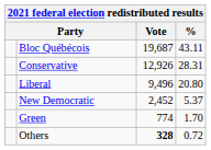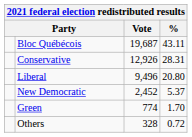 <table class="wikitable">
 <tr>
 <th colspan="4"><a href='#'>2021 federal election</a> redistributed results</th>
 </tr>
 <tr>
 <th bgcolor="#DDDDFF" width="130px" colspan="2">Party</th>
 <th bgcolor="#DDDDFF" width="50px">Vote</th>
 <th bgcolor="#DDDDFF" width="30px">%</th>
 </tr>
 <tr>
 <td> </td>
 <td><a href='#'>Bloc Québécois</a></td>
 <td align=right>19,687</td>
 <td align=right>43.11</td>
 </tr>
 <tr>
 <td> </td>
 <td><a href='#'>Conservative</a></td>
 <td align=right>12,926</td>
 <td align=right>28.31</td>
 </tr>
 <tr>
 <td> </td>
 <td><a href='#'>Liberal</a></td>
 <td align=right>9,496</td>
 <td align=right>20.80</td>
 </tr>
 <tr>
 <td> </td>
 <td><a href='#'>New Democratic</a></td>
 <td align=right>2,452</td>
 <td align=right>5.37</td>
 </tr>
 <tr>
 <td> </td>
 <td><a href='#'>Green</a></td>
 <td align=right>774</td>
 <td align=right>1.70</td>
 </tr>
 <tr>
 <td> </td>
 <td>Others</td>
-<td align=right><strong>328</strong></td>
+<td align=right>328</td>
 <td align=right>0.72</td>
 </tr>
 </table>
